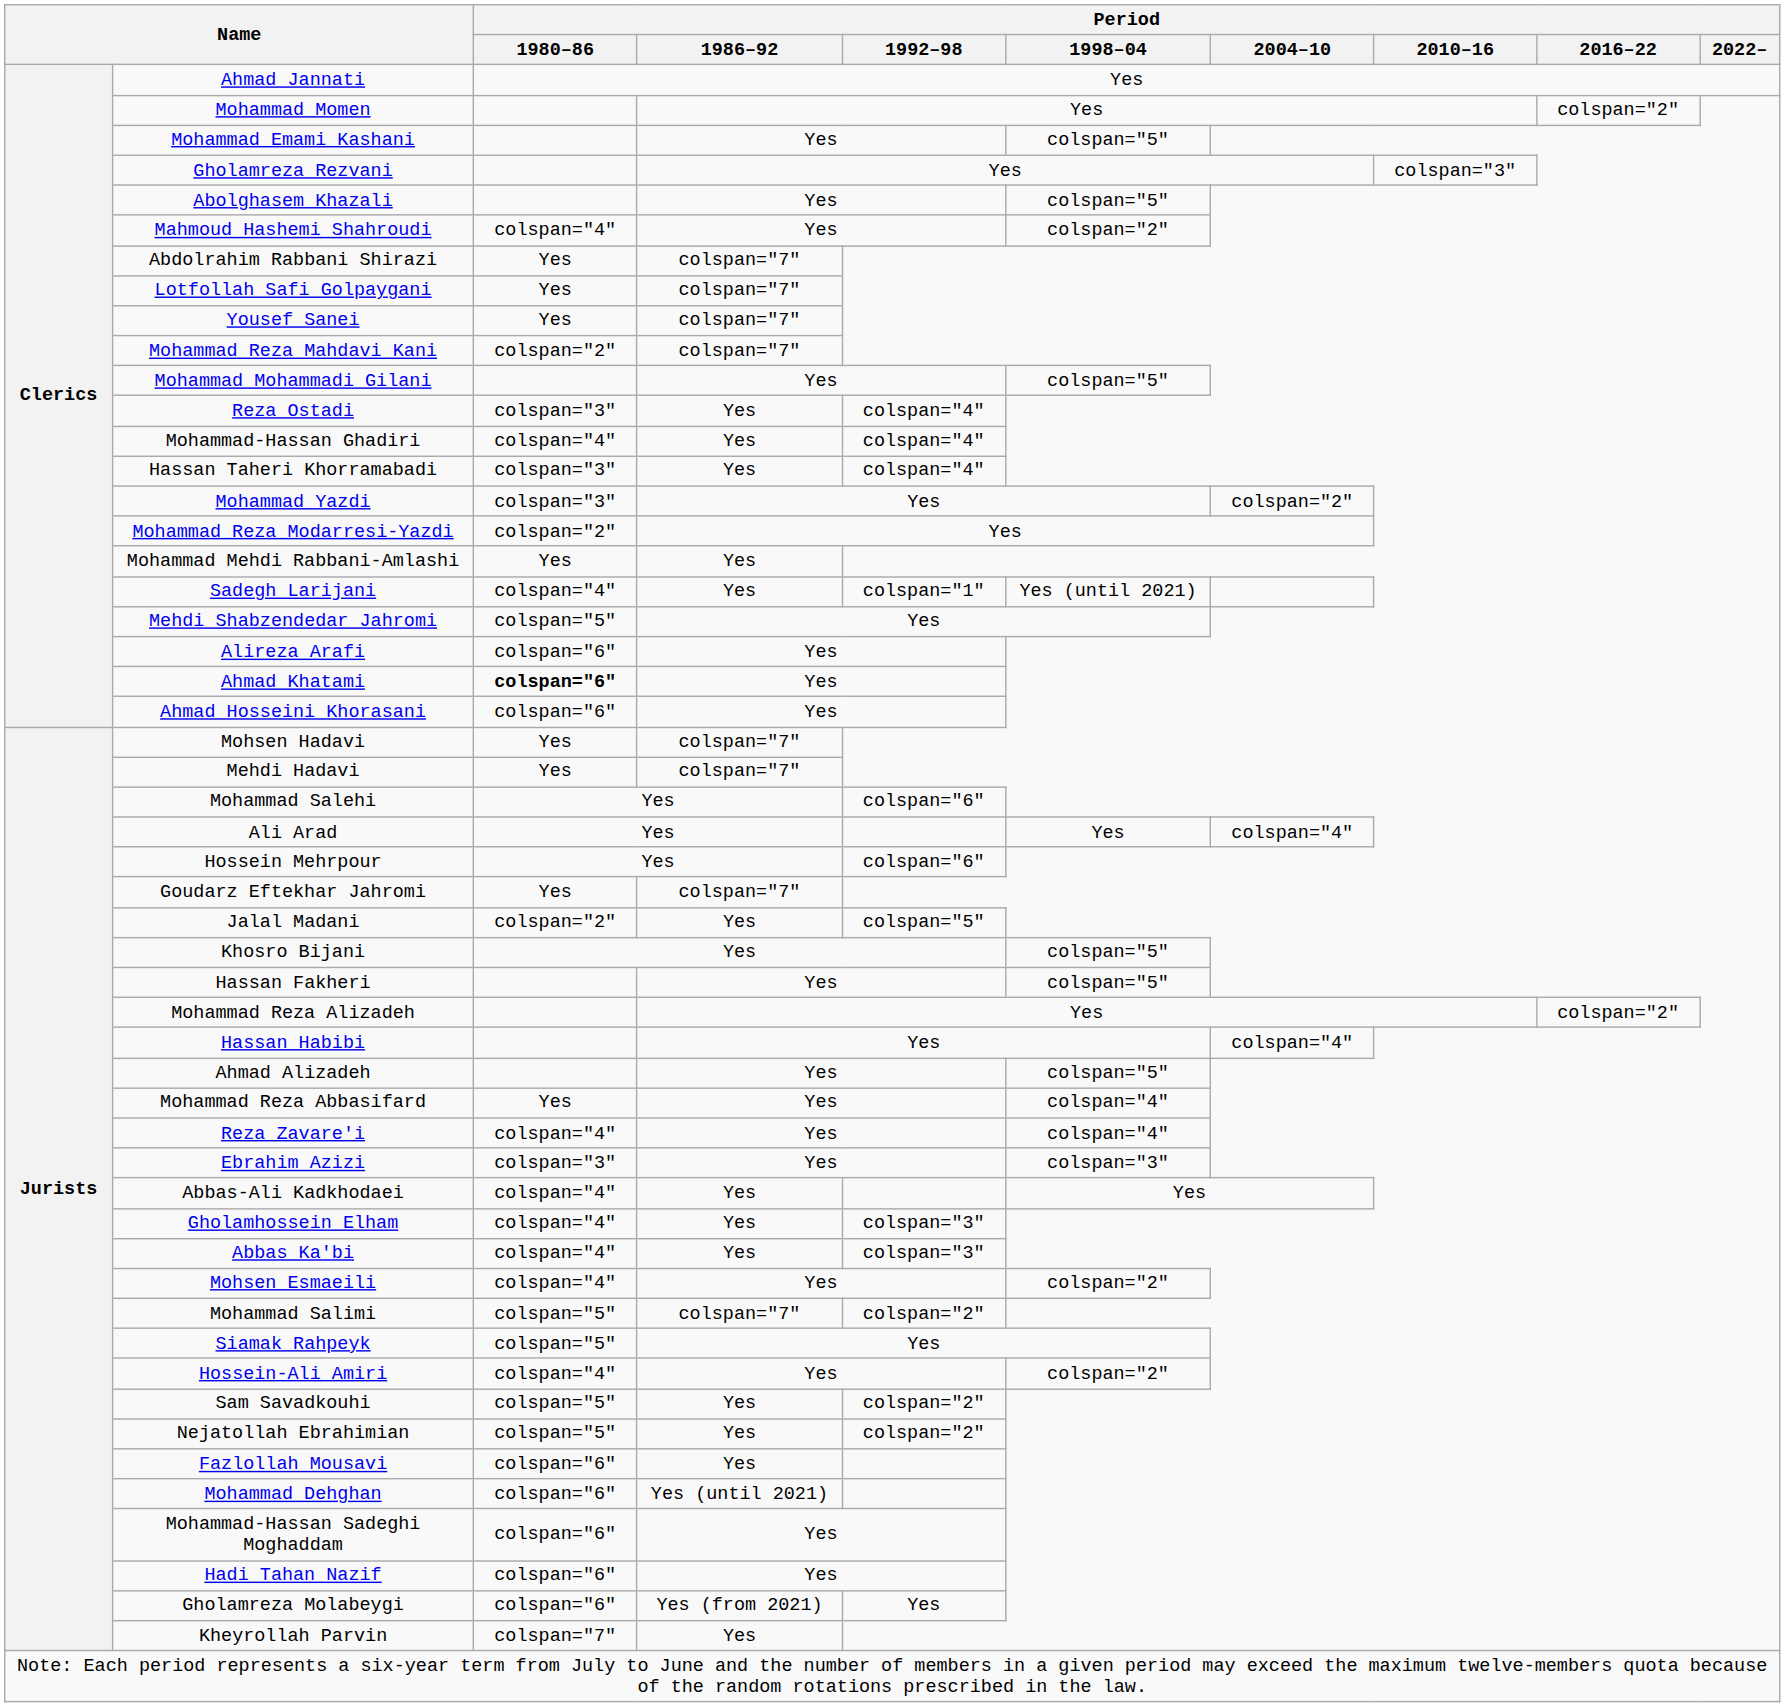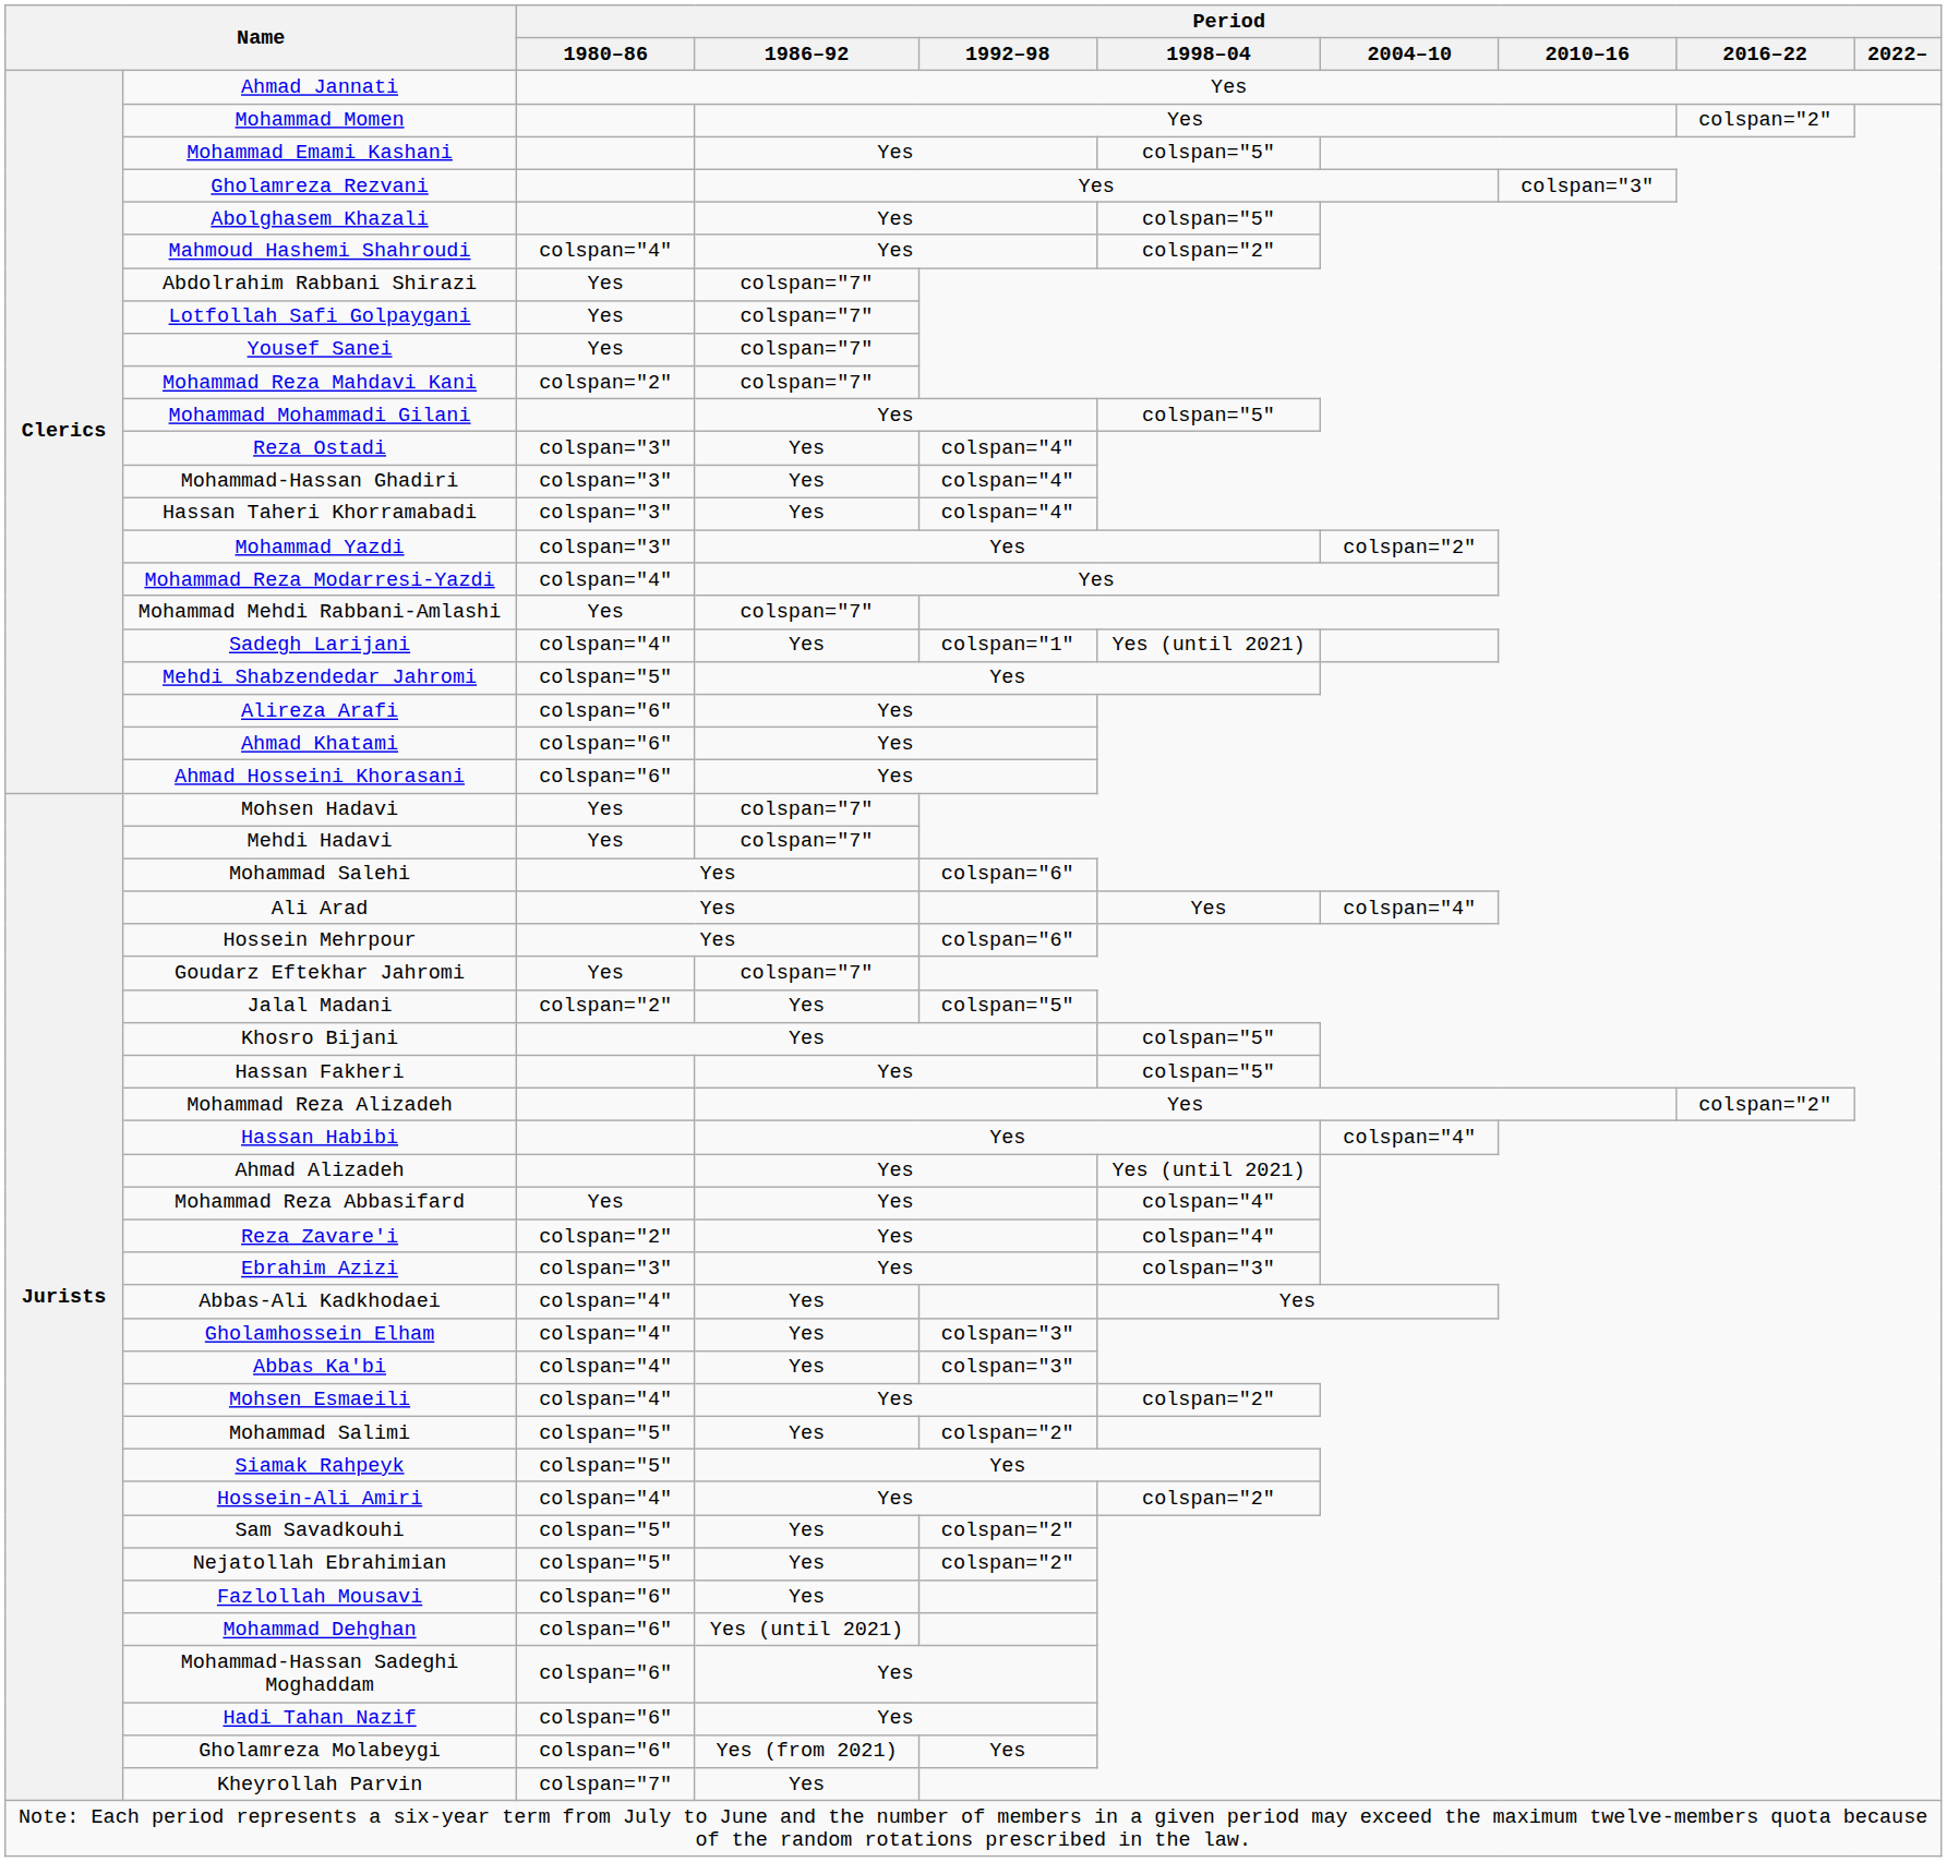 <table class="wikitable" style="text-align:center">
 <tr>
 <th rowspan="2" colspan="2">Name</th>
 <th colspan="8">Period</th>
 </tr>
 <tr>
 <th>1980–86</th>
 <th>1986–92</th>
 <th>1992–98</th>
 <th>1998–04</th>
 <th>2004–10</th>
 <th>2010–16</th>
 <th>2016–22</th>
 <th>2022–</th>
 </tr>
 <tr>
 <th rowspan="22">Clerics</th>
 <td><a href='#'>Ahmad Jannati</a></td>
 <td colspan="8">Yes</td>
 </tr>
 <tr>
 <td><a href='#'>Mohammad Momen</a></td>
 <td></td>
 <td colspan="5">Yes</td>
 <td>colspan="2" </td>
 </tr>
 <tr>
 <td><a href='#'>Mohammad Emami Kashani</a></td>
 <td></td>
 <td colspan="2">Yes</td>
 <td>colspan="5" </td>
 </tr>
 <tr>
 <td><a href='#'>Gholamreza Rezvani</a></td>
 <td></td>
 <td colspan="4">Yes</td>
 <td>colspan="3" </td>
 </tr>
 <tr>
 <td><a href='#'>Abolghasem Khazali</a></td>
 <td></td>
 <td colspan="2">Yes</td>
 <td>colspan="5" </td>
 </tr>
 <tr>
 <td><a href='#'>Mahmoud Hashemi Shahroudi</a></td>
 <td>colspan="4" </td>
 <td colspan="2">Yes</td>
 <td>colspan="2" </td>
 </tr>
 <tr>
 <td>Abdolrahim Rabbani Shirazi</td>
 <td>Yes</td>
 <td>colspan="7" </td>
 </tr>
 <tr>
 <td><a href='#'>Lotfollah Safi Golpaygani</a></td>
 <td colspan="1">Yes</td>
 <td>colspan="7" </td>
 </tr>
 <tr>
 <td><a href='#'>Yousef Sanei</a></td>
 <td>Yes</td>
 <td>colspan="7" </td>
 </tr>
 <tr>
 <td><a href='#'>Mohammad Reza Mahdavi Kani</a></td>
 <td>colspan="2" </td>
 <td>colspan="7" </td>
 </tr>
 <tr>
 <td><a href='#'>Mohammad Mohammadi Gilani</a></td>
 <td></td>
 <td colspan="2">Yes</td>
 <td>colspan="5" </td>
 </tr>
 <tr>
 <td><a href='#'>Reza Ostadi</a></td>
 <td>colspan="3" </td>
 <td>Yes</td>
 <td>colspan="4" </td>
 </tr>
 <tr>
 <td>Mohammad-Hassan Ghadiri</td>
-<td>colspan="4" </td>
+<td>colspan="3" </td>
 <td>Yes</td>
 <td>colspan="4" </td>
 </tr>
 <tr>
 <td>Hassan Taheri Khorramabadi</td>
 <td>colspan="3" </td>
 <td>Yes</td>
 <td>colspan="4" </td>
 </tr>
 <tr>
 <td><a href='#'>Mohammad Yazdi</a></td>
 <td>colspan="3" </td>
 <td colspan="3">Yes</td>
 <td>colspan="2" </td>
 </tr>
 <tr>
 <td><a href='#'>Mohammad Reza Modarresi-Yazdi</a></td>
-<td>colspan="2" </td>
+<td>colspan="4" </td>
 <td colspan="4">Yes</td>
 </tr>
 <tr>
 <td>Mohammad Mehdi Rabbani-Amlashi</td>
 <td>Yes</td>
-<td>Yes</td>
+<td>colspan="7" </td>
 </tr>
 <tr>
 <td><a href='#'>Sadegh Larijani</a></td>
 <td>colspan="4" </td>
 <td>Yes</td>
 <td>colspan="1" </td>
 <td>Yes (until 2021)</td>
 <td></td>
 </tr>
 <tr>
 <td><a href='#'>Mehdi Shabzendedar Jahromi</a></td>
 <td>colspan="5" </td>
 <td colspan="3">Yes</td>
 </tr>
 <tr>
 <td><a href='#'>Alireza Arafi</a></td>
 <td>colspan="6" </td>
 <td colspan="2">Yes</td>
 </tr>
 <tr>
 <td><a href='#'>Ahmad Khatami</a></td>
-<td><strong>colspan="6" </strong></td>
+<td>colspan="6" </td>
 <td colspan="2">Yes</td>
 </tr>
 <tr>
 <td><a href='#'>Ahmad Hosseini Khorasani</a></td>
 <td>colspan="6" </td>
 <td colspan="2">Yes</td>
 </tr>
 <tr>
 <th rowspan="30">Jurists</th>
 <td>Mohsen Hadavi</td>
 <td>Yes</td>
 <td>colspan="7" </td>
 </tr>
 <tr>
 <td>Mehdi Hadavi</td>
 <td>Yes</td>
 <td>colspan="7" </td>
 </tr>
 <tr>
 <td>Mohammad Salehi</td>
 <td colspan="2">Yes</td>
 <td>colspan="6" </td>
 </tr>
 <tr>
 <td>Ali Arad</td>
 <td colspan="2">Yes</td>
 <td></td>
 <td>Yes</td>
 <td>colspan="4" </td>
 </tr>
 <tr>
 <td>Hossein Mehrpour</td>
 <td colspan="2">Yes</td>
 <td>colspan="6" </td>
 </tr>
 <tr>
 <td>Goudarz Eftekhar Jahromi</td>
 <td>Yes</td>
 <td>colspan="7" </td>
 </tr>
 <tr>
 <td>Jalal Madani</td>
 <td>colspan="2" </td>
 <td>Yes</td>
 <td>colspan="5" </td>
 </tr>
 <tr>
 <td>Khosro Bijani</td>
 <td colspan="3">Yes</td>
 <td>colspan="5" </td>
 </tr>
 <tr>
 <td>Hassan Fakheri</td>
 <td></td>
 <td colspan="2">Yes</td>
 <td>colspan="5" </td>
 </tr>
 <tr>
 <td>Mohammad Reza Alizadeh</td>
 <td></td>
 <td colspan="5">Yes</td>
 <td>colspan="2" </td>
 </tr>
 <tr>
 <td><a href='#'>Hassan Habibi</a></td>
 <td></td>
 <td colspan="3">Yes</td>
 <td>colspan="4" </td>
 </tr>
 <tr>
 <td>Ahmad Alizadeh</td>
 <td></td>
 <td colspan="2">Yes</td>
-<td>colspan="5" </td>
+<td>Yes (until 2021)</td>
 </tr>
 <tr>
 <td>Mohammad Reza Abbasifard</td>
 <td>Yes</td>
 <td colspan="2">Yes</td>
 <td>colspan="4" </td>
 </tr>
 <tr>
 <td><a href='#'>Reza Zavare'i</a></td>
-<td>colspan="4" </td>
+<td>colspan="2" </td>
 <td colspan="2">Yes</td>
 <td>colspan="4" </td>
 </tr>
 <tr>
 <td><a href='#'>Ebrahim Azizi</a></td>
 <td>colspan="3" </td>
 <td colspan="2">Yes</td>
 <td>colspan="3" </td>
 </tr>
 <tr>
 <td>Abbas-Ali Kadkhodaei</td>
 <td>colspan="4" </td>
 <td>Yes</td>
 <td></td>
 <td colspan="2">Yes</td>
 </tr>
 <tr>
 <td><a href='#'>Gholamhossein Elham</a></td>
 <td>colspan="4" </td>
 <td>Yes</td>
 <td>colspan="3" </td>
 </tr>
 <tr>
 <td><a href='#'>Abbas Ka'bi</a></td>
 <td>colspan="4" </td>
 <td>Yes</td>
 <td>colspan="3" </td>
 </tr>
 <tr>
 <td><a href='#'>Mohsen Esmaeili</a></td>
 <td>colspan="4" </td>
 <td colspan="2">Yes</td>
 <td>colspan="2" </td>
 </tr>
 <tr>
 <td>Mohammad Salimi</td>
 <td>colspan="5" </td>
-<td>colspan="7" </td>
+<td>Yes</td>
 <td>colspan="2" </td>
 </tr>
 <tr>
 <td><a href='#'>Siamak Rahpeyk</a></td>
 <td>colspan="5" </td>
 <td colspan="3">Yes</td>
 </tr>
 <tr>
 <td><a href='#'>Hossein-Ali Amiri</a></td>
 <td>colspan="4" </td>
 <td colspan="2">Yes</td>
 <td>colspan="2" </td>
 </tr>
 <tr>
 <td>Sam Savadkouhi</td>
 <td>colspan="5" </td>
 <td colspan="1">Yes</td>
 <td>colspan="2" </td>
 </tr>
 <tr>
 <td>Nejatollah Ebrahimian</td>
 <td>colspan="5" </td>
 <td colspan="1">Yes</td>
 <td>colspan="2" </td>
 </tr>
 <tr>
 <td><a href='#'>Fazlollah Mousavi</a></td>
 <td>colspan="6" </td>
 <td>Yes</td>
 <td></td>
 </tr>
 <tr>
 <td><a href='#'>Mohammad Dehghan</a></td>
 <td>colspan="6" </td>
 <td>Yes (until 2021)</td>
 <td></td>
 </tr>
 <tr>
 <td>Mohammad-Hassan Sadeghi Moghaddam</td>
 <td>colspan="6" </td>
 <td colspan="2">Yes</td>
 </tr>
 <tr>
 <td><a href='#'>Hadi Tahan Nazif</a></td>
 <td>colspan="6" </td>
 <td colspan="2">Yes</td>
 </tr>
 <tr>
 <td>Gholamreza Molabeygi</td>
 <td>colspan="6" </td>
 <td>Yes (from 2021)</td>
 <td>Yes</td>
 </tr>
 <tr>
 <td>Kheyrollah Parvin</td>
 <td>colspan="7" </td>
 <td>Yes</td>
 </tr>
 <tr>
 <td colspan="10">Note: Each period represents a six-year term from July to June and the number of members in a given period may exceed the maximum twelve-members quota because of the random rotations prescribed in the law.</td>
 </tr>
 </table>
